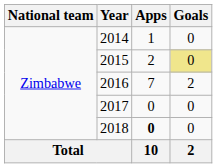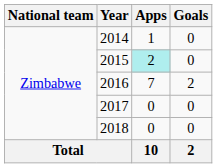 <table class="wikitable" style="text-align:center">
 <tr>
 <th>National team</th>
 <th>Year</th>
 <th>Apps</th>
 <th>Goals</th>
 </tr>
 <tr>
 <td rowspan="5"><a href='#'>Zimbabwe</a></td>
 <td>2014</td>
 <td>1</td>
 <td>0</td>
 </tr>
 <tr>
 <td>2015</td>
-<td>2</td>
-<td style="background: khaki;">0</td>
+<td style="background: paleturquoise;">2</td>
+<td>0</td>
 </tr>
 <tr>
 <td>2016</td>
 <td>7</td>
 <td>2</td>
 </tr>
 <tr>
 <td>2017</td>
 <td>0</td>
 <td>0</td>
 </tr>
 <tr>
 <td>2018</td>
-<td><strong>0</strong></td>
+<td>0</td>
 <td>0</td>
 </tr>
 <tr>
 <th colspan=2>Total</th>
 <th>10</th>
 <th>2</th>
 </tr>
 </table>
